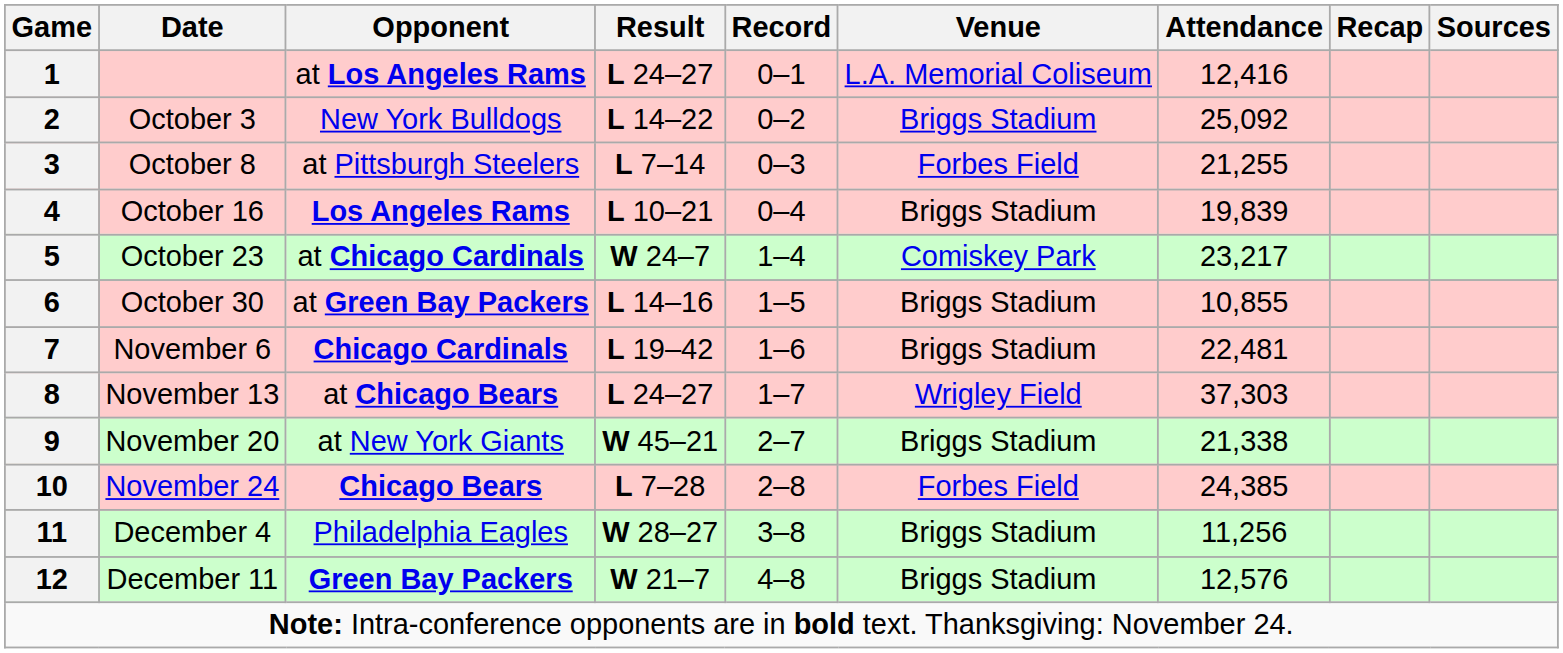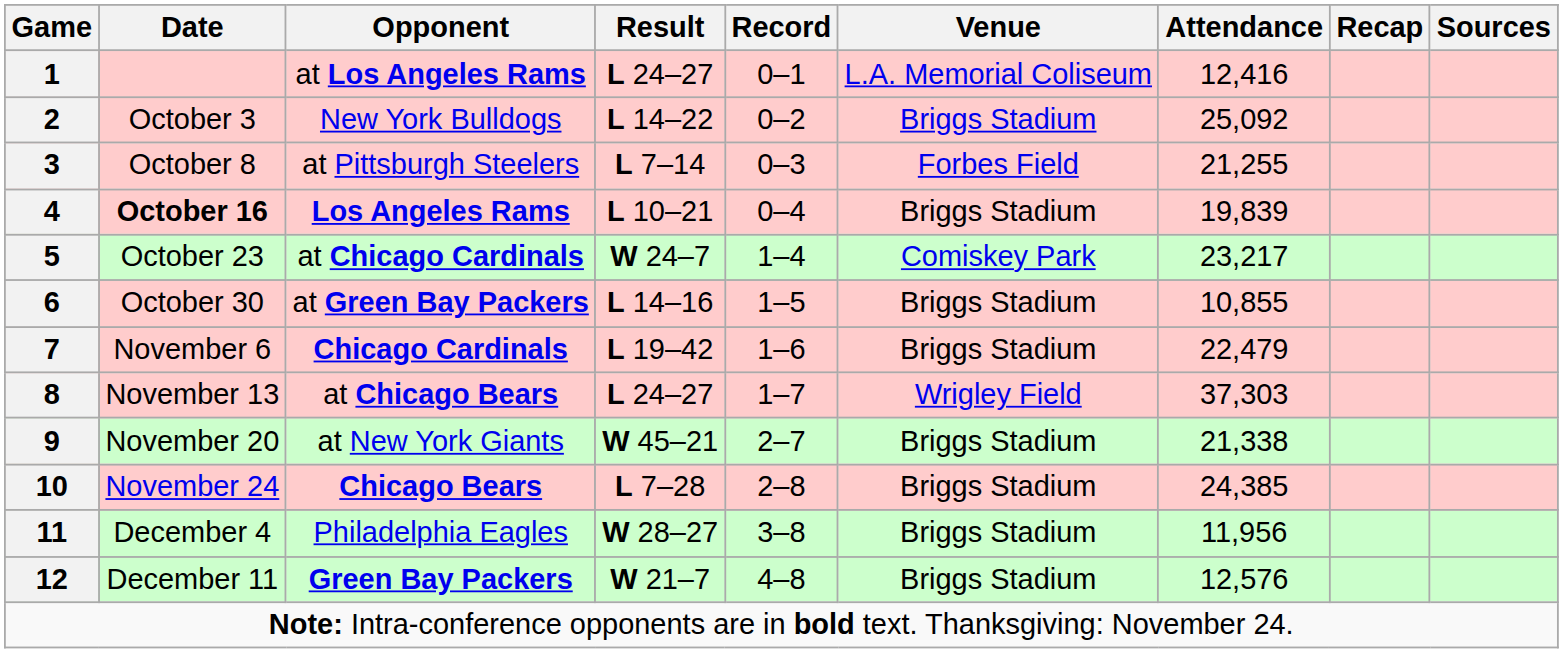 <table class="wikitable" style="text-align:center">
 <tr>
 <th>Game</th>
 <th>Date</th>
 <th>Opponent</th>
 <th>Result</th>
 <th>Record</th>
 <th>Venue</th>
 <th>Attendance</th>
 <th>Recap</th>
 <th>Sources</th>
 </tr>
 <tr style="background:#fcc">
 <th>1</th>
 <td></td>
 <td>at <strong><a href='#'>Los Angeles Rams</a></strong></td>
 <td><strong>L</strong> 24–27</td>
 <td>0–1</td>
 <td><a href='#'>L.A. Memorial Coliseum</a></td>
 <td>12,416</td>
 <td></td>
 <td></td>
 </tr>
 <tr style="background:#fcc">
 <th>2</th>
 <td>October 3</td>
 <td><a href='#'>New York Bulldogs</a></td>
 <td><strong>L</strong> 14–22</td>
 <td>0–2</td>
 <td><a href='#'>Briggs Stadium</a></td>
 <td>25,092</td>
 <td></td>
 <td></td>
 </tr>
 <tr style="background:#fcc">
 <th>3</th>
 <td>October 8</td>
 <td>at <a href='#'>Pittsburgh Steelers</a></td>
 <td><strong>L</strong> 7–14</td>
 <td>0–3</td>
 <td><a href='#'>Forbes Field</a></td>
 <td>21,255</td>
 <td></td>
 <td></td>
 </tr>
 <tr style="background:#fcc">
 <th>4</th>
-<td>October 16</td>
+<td><strong>October 16</strong></td>
 <td><strong><a href='#'>Los Angeles Rams</a></strong></td>
 <td><strong>L</strong> 10–21</td>
 <td>0–4</td>
 <td>Briggs Stadium</td>
 <td>19,839</td>
 <td></td>
 <td></td>
 </tr>
 <tr style="background:#cfc">
 <th>5</th>
 <td>October 23</td>
 <td>at <strong><a href='#'>Chicago Cardinals</a></strong></td>
 <td><strong>W</strong> 24–7</td>
 <td>1–4</td>
 <td><a href='#'>Comiskey Park</a></td>
 <td>23,217</td>
 <td></td>
 <td></td>
 </tr>
 <tr style="background:#fcc">
 <th>6</th>
 <td>October 30</td>
 <td>at <strong><a href='#'>Green Bay Packers</a></strong></td>
 <td><strong>L</strong> 14–16</td>
 <td>1–5</td>
 <td>Briggs Stadium</td>
 <td>10,855</td>
 <td></td>
 <td></td>
 </tr>
 <tr style="background:#fcc">
 <th>7</th>
 <td>November 6</td>
 <td><strong><a href='#'>Chicago Cardinals</a></strong></td>
 <td><strong>L</strong> 19–42</td>
 <td>1–6</td>
 <td>Briggs Stadium</td>
-<td>22,481</td>
+<td>22,479</td>
 <td></td>
 <td></td>
 </tr>
 <tr style="background:#fcc">
 <th>8</th>
 <td>November 13</td>
 <td>at <strong><a href='#'>Chicago Bears</a></strong></td>
 <td><strong>L</strong> 24–27</td>
 <td>1–7</td>
 <td><a href='#'>Wrigley Field</a></td>
 <td>37,303</td>
 <td></td>
 <td></td>
 </tr>
 <tr style="background:#cfc">
 <th>9</th>
 <td>November 20</td>
 <td>at <a href='#'>New York Giants</a></td>
 <td><strong>W</strong> 45–21</td>
 <td>2–7</td>
 <td>Briggs Stadium</td>
 <td>21,338</td>
 <td></td>
 <td></td>
 </tr>
 <tr style="background:#fcc">
 <th>10</th>
 <td><a href='#'>November 24</a></td>
 <td><strong><a href='#'>Chicago Bears</a></strong></td>
 <td><strong>L</strong> 7–28</td>
 <td>2–8</td>
-<td><a href='#'>Forbes Field</a></td>
+<td>Briggs Stadium</td>
 <td>24,385</td>
 <td></td>
 <td></td>
 </tr>
 <tr style="background:#cfc">
 <th>11</th>
 <td>December 4</td>
 <td><a href='#'>Philadelphia Eagles</a></td>
 <td><strong>W</strong> 28–27</td>
 <td>3–8</td>
 <td>Briggs Stadium</td>
-<td>11,256</td>
+<td>11,956</td>
 <td></td>
 <td></td>
 </tr>
 <tr style="background:#cfc">
 <th>12</th>
 <td>December 11</td>
 <td><strong><a href='#'>Green Bay Packers</a></strong></td>
 <td><strong>W</strong> 21–7</td>
 <td>4–8</td>
 <td>Briggs Stadium</td>
 <td>12,576</td>
 <td></td>
 <td></td>
 </tr>
 <tr>
 <td colspan="10"><strong>Note:</strong> Intra-conference opponents are in <strong>bold</strong> text. Thanksgiving: November 24.</td>
 </tr>
 </table>
